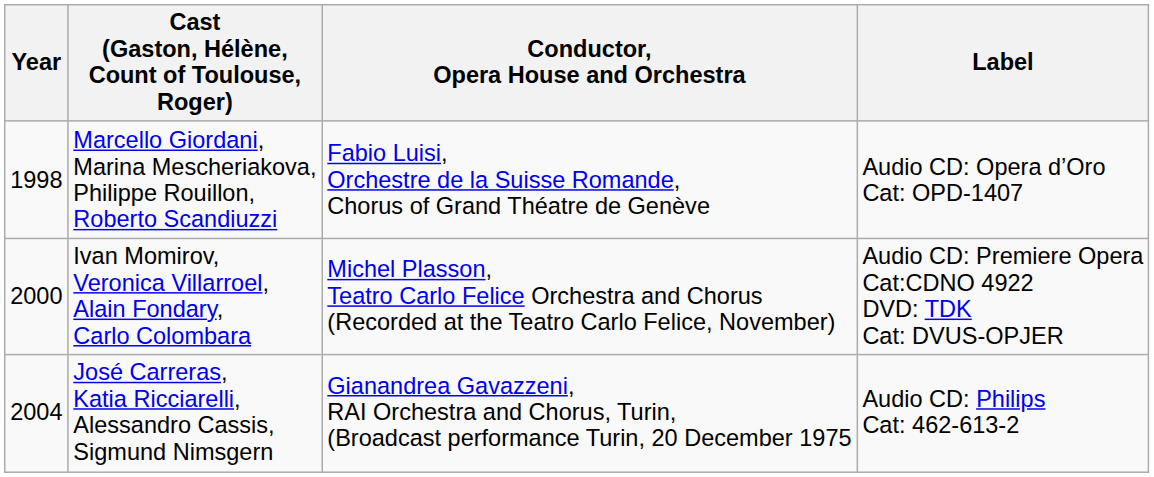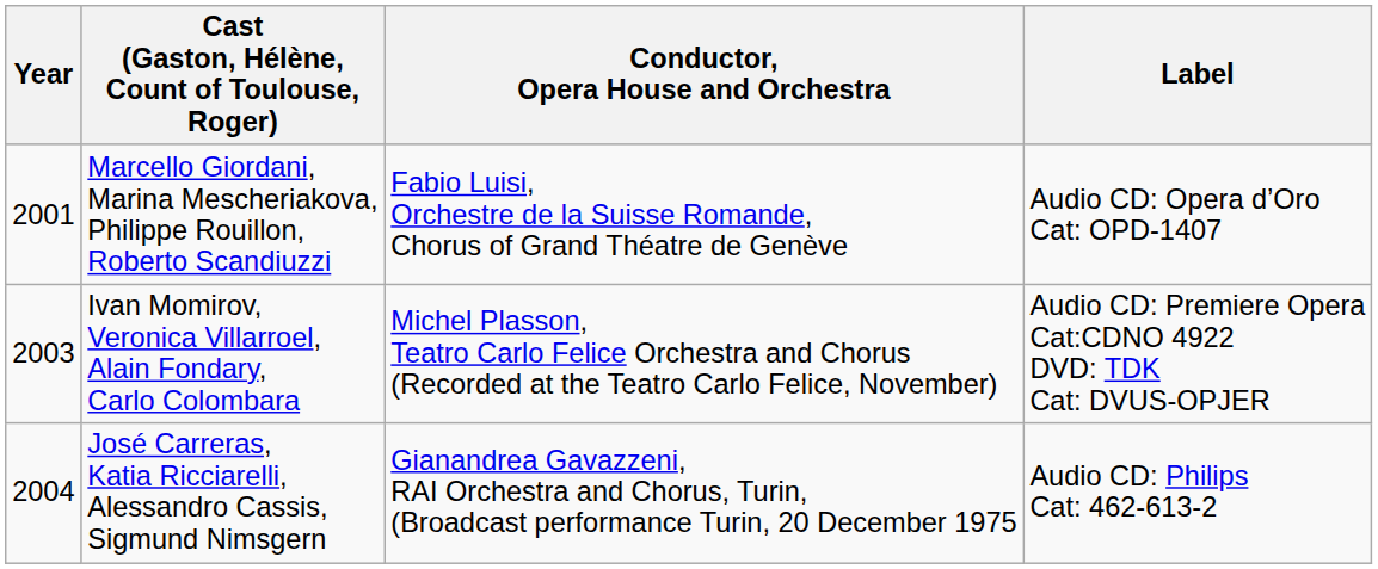 <table class="wikitable">
 <tr>
 <th>Year</th>
 <th width="140">Cast<br>(Gaston, Hélène,<br>Count of Toulouse,<br>Roger)</th>
 <th>Conductor,<br>Opera House and Orchestra</th>
 <th>Label</th>
 </tr>
 <tr>
-<td>1998</td>
+<td>2001</td>
 <td><a href='#'>Marcello Giordani</a>,<br>Marina Mescheriakova,<br>Philippe Rouillon,<br><a href='#'>Roberto Scandiuzzi</a></td>
 <td><a href='#'>Fabio Luisi</a>,<br><a href='#'>Orchestre de la Suisse Romande</a>,<br> Chorus of Grand Théatre de Genève</td>
 <td>Audio CD: Opera d’Oro<br>Cat: OPD-1407</td>
 </tr>
 <tr>
-<td>2000</td>
+<td>2003</td>
 <td>Ivan Momirov,<br><a href='#'>Veronica Villarroel</a>,<br><a href='#'>Alain Fondary</a>,<br><a href='#'>Carlo Colombara</a></td>
 <td><a href='#'>Michel Plasson</a>,<br><a href='#'>Teatro Carlo Felice</a> Orchestra and Chorus<br>(Recorded at the Teatro Carlo Felice, November)</td>
 <td>Audio CD: Premiere Opera <br>Cat:CDNO 4922<br>DVD: <a href='#'>TDK</a><br>Cat: DVUS-OPJER</td>
 </tr>
 <tr>
 <td>2004</td>
 <td><a href='#'>José Carreras</a>,<br><a href='#'>Katia Ricciarelli</a>,<br>Alessandro Cassis,<br>Sigmund Nimsgern</td>
 <td><a href='#'>Gianandrea Gavazzeni</a>,<br>RAI Orchestra and Chorus, Turin,<br> (Broadcast performance Turin, 20 December 1975</td>
 <td>Audio CD: <a href='#'>Philips</a><br>Cat: 462-613-2</td>
 </tr>
 </table>
